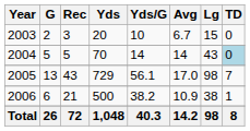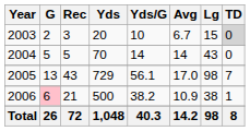 <table class="wikitable">
 <tr>
 <th>Year</th>
 <th>G</th>
 <th>Rec</th>
 <th>Yds</th>
 <th>Yds/G</th>
 <th>Avg</th>
 <th>Lg</th>
 <th>TD</th>
 </tr>
 <tr>
 <td>2003</td>
 <td>2</td>
 <td>3</td>
 <td>20</td>
 <td>10</td>
 <td>6.7</td>
 <td>15</td>
-<td>0</td>
+<td style="background: lightgrey;">0</td>
 </tr>
 <tr>
 </tr>
 <tr>
 <td>2004</td>
 <td>5</td>
 <td>5</td>
 <td>70</td>
 <td>14</td>
 <td>14</td>
 <td>43</td>
-<td style="background: lightblue;">0</td>
+<td>0</td>
 </tr>
 <tr>
 </tr>
 <tr>
 <td>2005</td>
 <td>13</td>
 <td>43</td>
 <td>729</td>
 <td>56.1</td>
 <td>17.0</td>
 <td>98</td>
 <td>7</td>
 </tr>
 <tr>
 </tr>
 <tr>
 <td>2006</td>
-<td>6</td>
+<td style="background: pink;">6</td>
 <td>21</td>
 <td>500</td>
 <td>38.2</td>
 <td>10.9</td>
 <td>38</td>
 <td>1</td>
 </tr>
 <tr>
 </tr>
 <tr>
 <th>Total</th>
 <th>26</th>
 <th>72</th>
 <th>1,048</th>
 <th>40.3</th>
 <th>14.2</th>
 <th>98</th>
 <th>8</th>
 </tr>
 </table>
